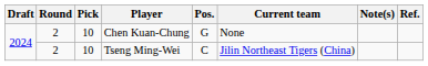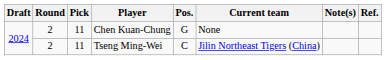 <table class="wikitable sortable" style="text-align:left; font-size:90%;">
 <tr>
 <th>Draft</th>
 <th>Round</th>
 <th>Pick</th>
 <th>Player</th>
 <th>Pos.</th>
 <th>Current team</th>
 <th>Note(s)</th>
 <th>Ref.</th>
 </tr>
 <tr>
 <td style="text-align:center;" rowspan=2><a href='#'>2024</a></td>
 <td style="text-align:center;">2</td>
-<td style="text-align:center;">10</td>
+<td style="text-align:center;">11</td>
 <td>Chen Kuan-Chung</td>
 <td style="text-align:center;">G</td>
 <td>None</td>
 <td></td>
 <td style="text-align:center;"></td>
 </tr>
 <tr>
 <td style="text-align:center;">2</td>
-<td style="text-align:center;">10</td>
+<td style="text-align:center;">11</td>
 <td>Tseng Ming-Wei</td>
 <td style="text-align:center;">C</td>
 <td><a href='#'>Jilin Northeast Tigers</a> (<a href='#'>China</a>)</td>
 <td></td>
 <td style="text-align:center;"></td>
 </tr>
 </table>
